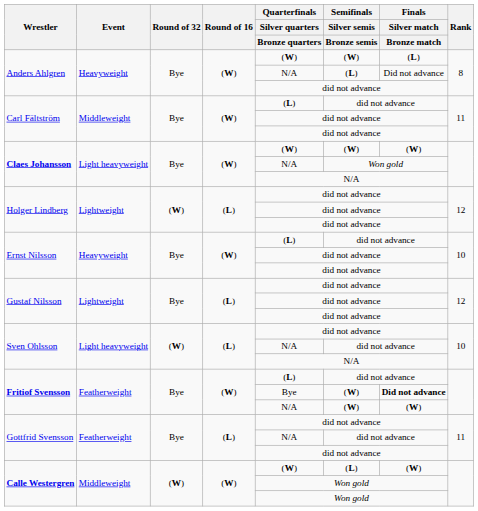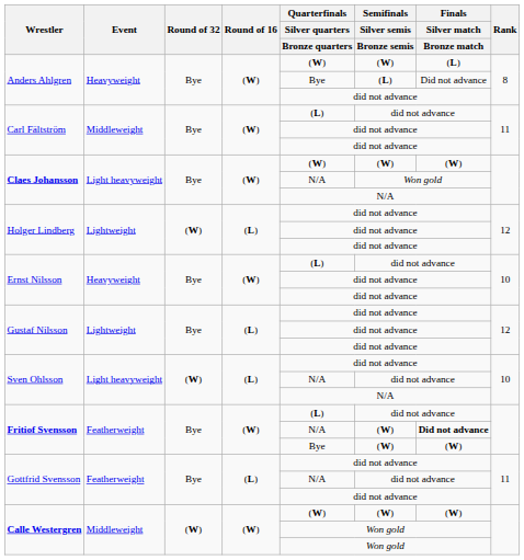 <table class=wikitable style="font-size:90%">
 <tr>
 <th rowspan=3>Wrestler</th>
 <th rowspan=3>Event</th>
 <th rowspan=3>Round of 32</th>
 <th rowspan=3>Round of 16</th>
 <th>Quarterfinals</th>
 <th>Semifinals</th>
 <th>Finals</th>
 <th rowspan=3>Rank</th>
 </tr>
 <tr>
 <th>Silver quarters</th>
 <th>Silver semis</th>
 <th>Silver match</th>
 </tr>
 <tr>
 <th>Bronze quarters</th>
 <th>Bronze semis</th>
 <th>Bronze match</th>
 </tr>
 <tr>
 <td rowspan=3><a href='#'>Anders Ahlgren</a></td>
 <td rowspan=3><a href='#'>Heavyweight</a></td>
 <td align=center rowspan=3>Bye</td>
 <td align=center rowspan=3> (<strong>W</strong>)</td>
 <td align=center> (<strong>W</strong>)</td>
 <td align=center> (<strong>W</strong>)</td>
 <td align=center> (<strong>L</strong>)</td>
 <td align=center rowspan=3>8</td>
 </tr>
 <tr>
-<td align=center>N/A</td>
+<td align=center>Bye</td>
 <td align=center> (<strong>L</strong>)</td>
 <td align=center>Did not advance</td>
 </tr>
 <tr>
 <td align=center colspan=3>did not advance</td>
 </tr>
 <tr>
 <td rowspan=3><a href='#'>Carl Fältström</a></td>
 <td rowspan=3><a href='#'>Middleweight</a></td>
 <td align=center rowspan=3>Bye</td>
 <td align=center rowspan=3> (<strong>W</strong>)</td>
 <td align=center> (<strong>L</strong>)</td>
 <td align=center colspan=2>did not advance</td>
 <td align=center rowspan=3>11</td>
 </tr>
 <tr>
 <td align=center colspan=3>did not advance</td>
 </tr>
 <tr>
 <td align=center colspan=3>did not advance</td>
 </tr>
 <tr>
 <td rowspan=3><strong><a href='#'>Claes Johansson</a></strong></td>
 <td rowspan=3><a href='#'>Light heavyweight</a></td>
 <td align=center rowspan=3>Bye</td>
 <td align=center rowspan=3> (<strong>W</strong>)</td>
 <td align=center> (<strong>W</strong>)</td>
 <td align=center> (<strong>W</strong>)</td>
 <td align=center> (<strong>W</strong>)</td>
 <td align=center rowspan=3></td>
 </tr>
 <tr>
 <td align=center>N/A</td>
 <td align=center colspan=2><em>Won gold</em></td>
 </tr>
 <tr>
 <td align=center colspan=3>N/A</td>
 </tr>
 <tr>
 <td rowspan=3><a href='#'>Holger Lindberg</a></td>
 <td rowspan=3><a href='#'>Lightweight</a></td>
 <td align=center rowspan=3> (<strong>W</strong>)</td>
 <td align=center rowspan=3> (<strong>L</strong>)</td>
 <td align=center colspan=3>did not advance</td>
 <td align=center rowspan=3>12</td>
 </tr>
 <tr>
 <td align=center colspan=3>did not advance</td>
 </tr>
 <tr>
 <td align=center colspan=3>did not advance</td>
 </tr>
 <tr>
 <td rowspan=3><a href='#'>Ernst Nilsson</a></td>
 <td rowspan=3><a href='#'>Heavyweight</a></td>
 <td align=center rowspan=3>Bye</td>
 <td align=center rowspan=3> (<strong>W</strong>)</td>
 <td align=center> (<strong>L</strong>)</td>
 <td align=center colspan=2>did not advance</td>
 <td align=center rowspan=3>10</td>
 </tr>
 <tr>
 <td align=center colspan=3>did not advance</td>
 </tr>
 <tr>
 <td align=center colspan=3>did not advance</td>
 </tr>
 <tr>
 <td rowspan=3><a href='#'>Gustaf Nilsson</a></td>
 <td rowspan=3><a href='#'>Lightweight</a></td>
 <td align=center rowspan=3>Bye</td>
 <td align=center rowspan=3> (<strong>L</strong>)</td>
 <td align=center colspan=3>did not advance</td>
 <td align=center rowspan=3>12</td>
 </tr>
 <tr>
 <td align=center colspan=3>did not advance</td>
 </tr>
 <tr>
 <td align=center colspan=3>did not advance</td>
 </tr>
 <tr>
 <td rowspan=3><a href='#'>Sven Ohlsson</a></td>
 <td rowspan=3><a href='#'>Light heavyweight</a></td>
 <td align=center rowspan=3> (<strong>W</strong>)</td>
 <td align=center rowspan=3> (<strong>L</strong>)</td>
 <td align=center colspan=3>did not advance</td>
 <td align=center rowspan=3>10</td>
 </tr>
 <tr>
 <td align=center>N/A</td>
 <td align=center colspan=2>did not advance</td>
 </tr>
 <tr>
 <td align=center colspan=3>N/A</td>
 </tr>
 <tr>
 <td rowspan=3><strong><a href='#'>Fritiof Svensson</a></strong></td>
 <td rowspan=3><a href='#'>Featherweight</a></td>
 <td align=center rowspan=3>Bye</td>
 <td align=center rowspan=3> (<strong>W</strong>)</td>
 <td align=center> (<strong>L</strong>)</td>
 <td align=center colspan=2>did not advance</td>
 <td align=center rowspan=3></td>
 </tr>
 <tr>
-<td align=center>Bye</td>
+<td align=center>N/A</td>
 <td align=center> (<strong>W</strong>)</td>
 <td align=center><strong>Did not advance</strong></td>
 </tr>
 <tr>
-<td align=center>N/A</td>
+<td align=center>Bye</td>
 <td align=center> (<strong>W</strong>)</td>
 <td align=center> (<strong>W</strong>)</td>
 </tr>
 <tr>
 <td rowspan=3><a href='#'>Gottfrid Svensson</a></td>
 <td rowspan=3><a href='#'>Featherweight</a></td>
 <td align=center rowspan=3>Bye</td>
 <td align=center rowspan=3> (<strong>L</strong>)</td>
 <td align=center colspan=3>did not advance</td>
 <td align=center rowspan=3>11</td>
 </tr>
 <tr>
 <td align=center>N/A</td>
 <td align=center colspan=2>did not advance</td>
 </tr>
 <tr>
 <td align=center colspan=3>did not advance</td>
 </tr>
 <tr>
 <td rowspan=3><strong><a href='#'>Calle Westergren</a></strong></td>
 <td rowspan=3><a href='#'>Middleweight</a></td>
 <td align=center rowspan=3> (<strong>W</strong>)</td>
 <td align=center rowspan=3> (<strong>W</strong>)</td>
 <td align=center> (<strong>W</strong>)</td>
-<td align=center> (<strong>L</strong>)</td>
+<td align=center> (<strong>W</strong>)</td>
 <td align=center> (<strong>W</strong>)</td>
 <td align=center rowspan=3></td>
 </tr>
 <tr>
 <td align=center colspan=3><em>Won gold</em></td>
 </tr>
 <tr>
 <td align=center colspan=3><em>Won gold</em></td>
 </tr>
 </table>
